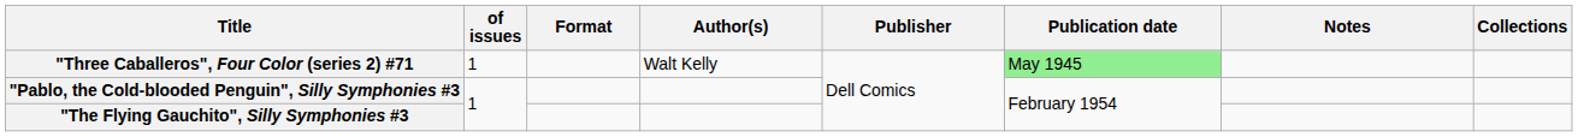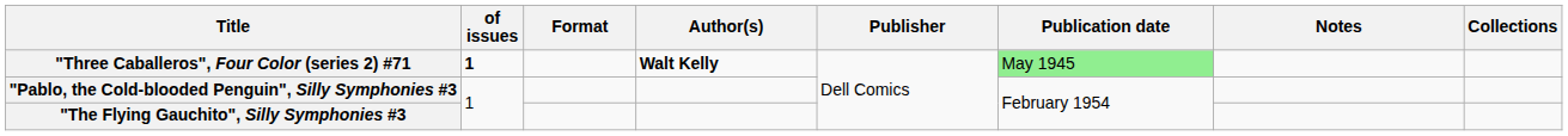 <table class="wikitable">
 <tr>
 <th>Title</th>
 <th style="width:40pt"> of issues</th>
 <th style="width:75pt">Format</th>
 <th style="width:125pt">Author(s)</th>
 <th style="width:125pt">Publisher</th>
 <th style="width:150pt">Publication date</th>
 <th style="width:175pt">Notes</th>
 <th>Collections</th>
 </tr>
 <tr>
 <th>"Three Caballeros", <em>Four Color</em> (series 2) #71</th>
-<td>1</td>
+<td><strong>1</strong></td>
 <td></td>
-<td>Walt Kelly</td>
+<td><strong>Walt Kelly</strong></td>
 <td rowspan="3">Dell Comics</td>
 <td style="background: lightgreen;">May 1945</td>
 <td></td>
 <td></td>
 </tr>
 <tr>
 <th>"Pablo, the Cold-blooded Penguin", <em>Silly Symphonies</em> #3</th>
 <td rowspan="2">1</td>
 <td></td>
 <td></td>
 <td rowspan="2">February 1954</td>
 <td></td>
 <td></td>
 </tr>
 <tr>
 <th>"The Flying Gauchito", <em>Silly Symphonies</em> #3</th>
 <td></td>
 <td></td>
 <td></td>
 <td></td>
 </tr>
 </table>
